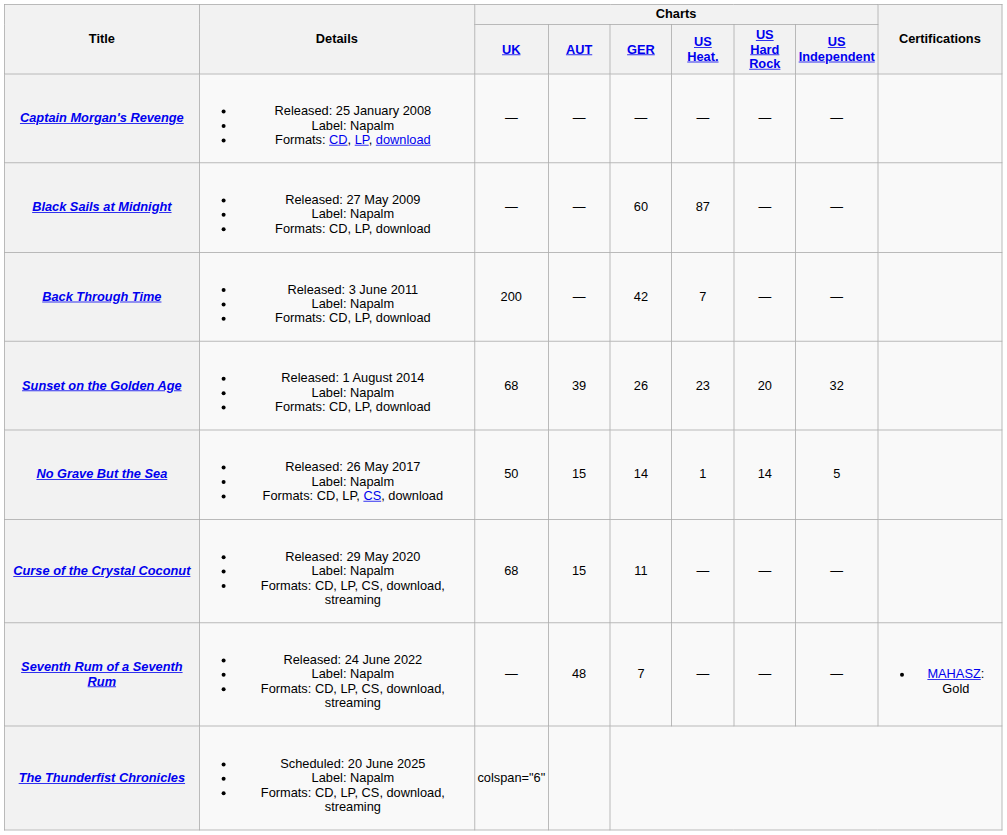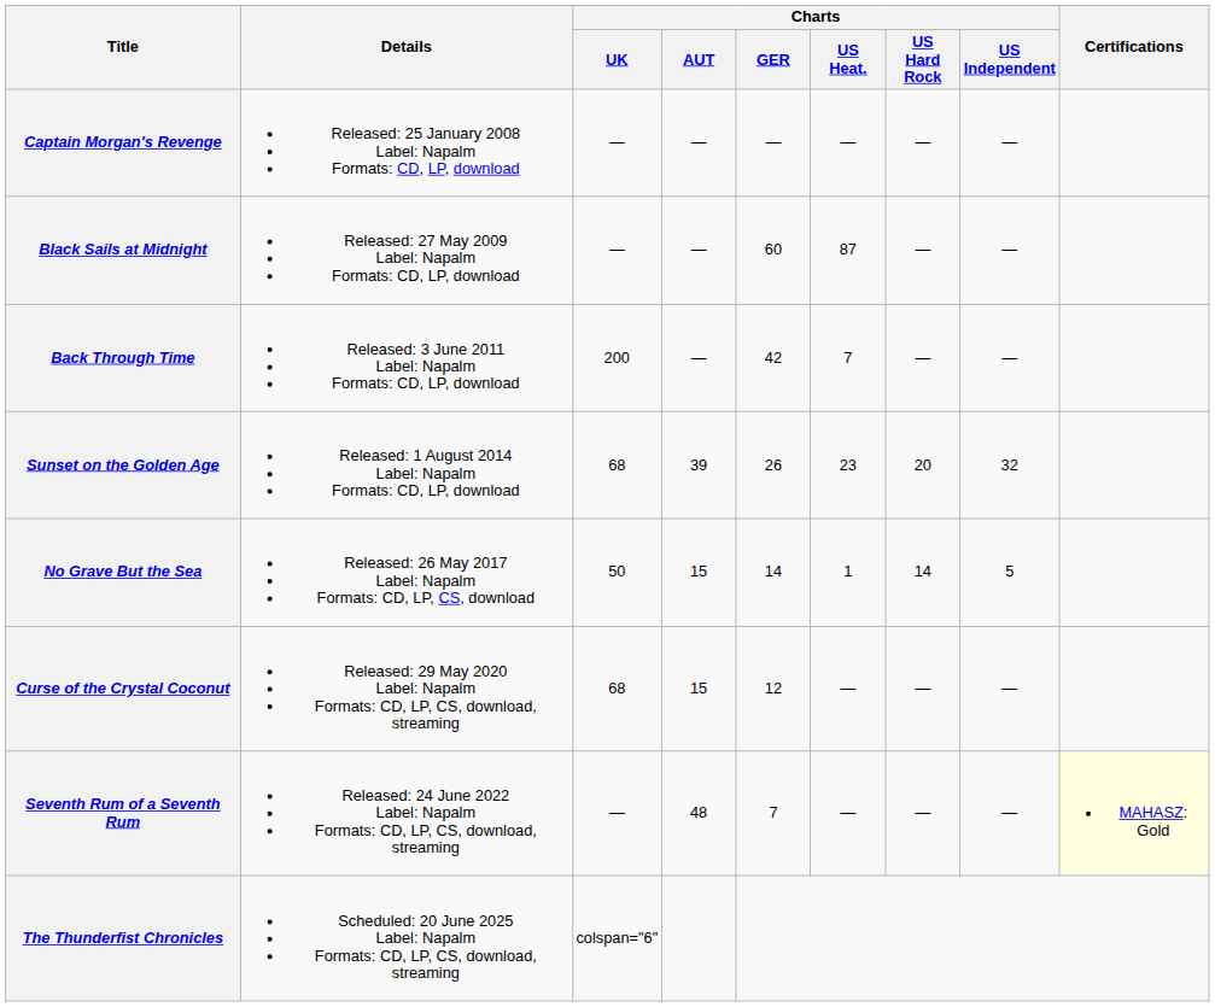 <table class="wikitable plainrowheaders" style="text-align: center;">
 <tr>
 <th scope="col" rowspan="2">Title</th>
 <th scope="col" rowspan="2">Details</th>
 <th scope="col" colspan="6">Charts</th>
 <th rowspan="2">Certifications</th>
 </tr>
 <tr>
 <th scope="col" style="width:70px;"><a href='#'>UK</a><br></th>
 <th scope="col" style="width:70px;"><a href='#'>AUT</a><br></th>
 <th scope="col" style="width:70px;"><a href='#'>GER</a><br></th>
 <th scope="col" style="width:70px;"><a href='#'>US<br>Heat.</a></th>
 <th scope="col" style="width:70px;"><a href='#'>US<br>Hard Rock</a></th>
 <th scope="col" style="width:70px;"><a href='#'>US<br>Independent</a></th>
 </tr>
 <tr>
 <th scope="row"><em><a href='#'>Captain Morgan's Revenge</a></em></th>
 <td><br><ul><li>Released: 25 January 2008</li><li>Label: Napalm</li><li>Formats: <a href='#'>CD</a>, <a href='#'>LP</a>, <a href='#'>download</a></li></ul></td>
 <td style="text-align:center;">—</td>
 <td style="text-align:center;">—</td>
 <td style="text-align:center;">—</td>
 <td style="text-align:center;">—</td>
 <td style="text-align:center;">—</td>
 <td style="text-align:center;">—</td>
 <td></td>
 </tr>
 <tr>
 <th scope="row"><em><a href='#'>Black Sails at Midnight</a></em></th>
 <td><br><ul><li>Released: 27 May 2009</li><li>Label: Napalm</li><li>Formats: CD, LP, download</li></ul></td>
 <td style="text-align:center;">—</td>
 <td style="text-align:center;">—</td>
 <td style="text-align:center;">60</td>
 <td style="text-align:center;">87</td>
 <td style="text-align:center;">—</td>
 <td style="text-align:center;">—</td>
 <td></td>
 </tr>
 <tr>
 <th scope="row"><em><a href='#'>Back Through Time</a></em></th>
 <td><br><ul><li>Released: 3 June 2011</li><li>Label: Napalm</li><li>Formats: CD, LP, download</li></ul></td>
 <td style="text-align:center;">200</td>
 <td style="text-align:center;">—</td>
 <td style="text-align:center;">42</td>
 <td style="text-align:center;">7<br></td>
 <td style="text-align:center;">—</td>
 <td style="text-align:center;">—</td>
 <td></td>
 </tr>
 <tr>
 <th scope="row"><em><a href='#'>Sunset on the Golden Age</a></em></th>
 <td><br><ul><li>Released: 1 August 2014</li><li>Label: Napalm</li><li>Formats: CD, LP, download</li></ul></td>
 <td style="text-align:center;">68</td>
 <td style="text-align:center;">39</td>
 <td style="text-align:center;">26</td>
 <td style="text-align:center;">23<br></td>
 <td style="text-align:center;">20<br></td>
 <td style="text-align:center;">32<br></td>
 <td></td>
 </tr>
 <tr>
 <th scope="row"><em><a href='#'>No Grave But the Sea</a></em></th>
 <td><br><ul><li>Released: 26 May 2017</li><li>Label: Napalm</li><li>Formats: CD, LP, <a href='#'>CS</a>, download</li></ul></td>
 <td style="text-align:center;">50</td>
 <td style="text-align:center;">15</td>
 <td style="text-align:center;">14</td>
 <td style="text-align:center;">1<br></td>
 <td style="text-align:center;">14<br></td>
 <td style="text-align:center;">5<br></td>
 <td></td>
 </tr>
 <tr>
 <th scope="row"><em><a href='#'>Curse of the Crystal Coconut</a></em></th>
 <td><br><ul><li>Released: 29 May 2020</li><li>Label: Napalm</li><li>Formats: CD, LP, CS, download, streaming</li></ul></td>
 <td style="text-align:center;">68</td>
 <td style="text-align:center;">15</td>
-<td style="text-align:center;">11</td>
+<td style="text-align:center;">12</td>
 <td style="text-align:center;">—</td>
 <td style="text-align:center;">—</td>
 <td style="text-align:center;">—</td>
 <td></td>
 </tr>
 <tr>
 <th scope="row"><em><a href='#'>Seventh Rum of a Seventh Rum</a></em></th>
 <td><br><ul><li>Released: 24 June 2022</li><li>Label: Napalm</li><li>Formats: CD, LP, CS, download, streaming</li></ul></td>
 <td style="text-align:center;">—</td>
 <td style="text-align:center;">48</td>
 <td style="text-align:center;">7</td>
 <td style="text-align:center;">—</td>
 <td style="text-align:center;">—</td>
 <td style="text-align:center;">—</td>
-<td><br><ul><li><a href='#'>MAHASZ</a>: Gold</li></ul></td>
+<td style="background: lightyellow;"><br><ul><li><a href='#'>MAHASZ</a>: Gold</li></ul></td>
 </tr>
 <tr>
 <th scope="row"><em><a href='#'>The Thunderfist Chronicles</a></em></th>
 <td><br><ul><li>Scheduled: 20 June 2025</li><li>Label: Napalm</li><li>Formats: CD, LP, CS, download, streaming</li></ul></td>
 <td>colspan="6" </td>
 <td></td>
 </tr>
 </table>
